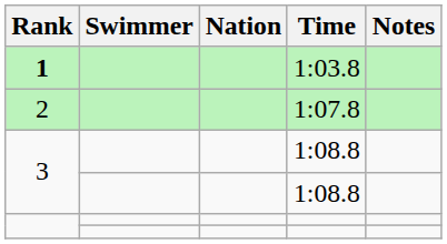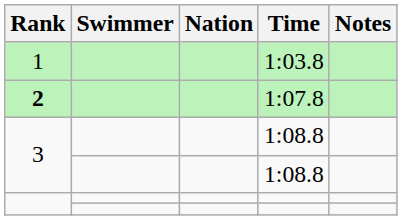 <table class="wikitable sortable" style="text-align:center">
 <tr>
 <th>Rank</th>
 <th>Swimmer</th>
 <th>Nation</th>
 <th>Time</th>
 <th>Notes</th>
 </tr>
 <tr bgcolor=bbf3bb>
-<td><strong>1</strong></td>
+<td>1</td>
 <td align=left></td>
 <td align=left></td>
 <td>1:03.8</td>
 <td></td>
 </tr>
 <tr bgcolor=bbf3bb>
-<td>2</td>
+<td><strong>2</strong></td>
 <td align=left></td>
 <td align=left></td>
 <td>1:07.8</td>
 <td></td>
 </tr>
 <tr>
 <td rowspan=2>3</td>
 <td align=left></td>
 <td align=left></td>
 <td>1:08.8</td>
 <td></td>
 </tr>
 <tr>
 <td align=left></td>
 <td align=left></td>
 <td>1:08.8</td>
 <td></td>
 </tr>
 <tr>
 <td rowspan=2></td>
 <td align=left></td>
 <td align=left></td>
 <td></td>
 <td></td>
 </tr>
 <tr>
 <td align=left></td>
 <td align=left></td>
 <td></td>
 <td></td>
 </tr>
 </table>
